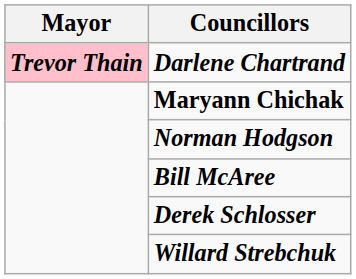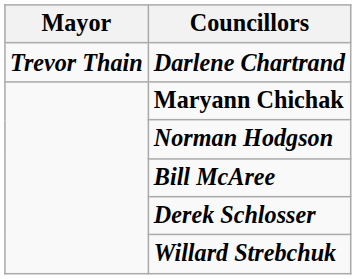 <table class="wikitable collapsible collapsed" align="right">
 <tr>
 <th>Mayor</th>
 <th colspan=3>Councillors</th>
 </tr>
 <tr>
-<td style="background: pink;"><strong><em>Trevor Thain</em></strong></td>
+<td><strong><em>Trevor Thain</em></strong></td>
 <td><strong><em>Darlene Chartrand</em></strong></td>
 </tr>
 <tr>
 <td rowspan=5></td>
 <td><strong>Maryann Chichak</strong></td>
 </tr>
 <tr>
 <td><strong><em>Norman Hodgson</em></strong></td>
 </tr>
 <tr>
 <td><strong><em>Bill McAree</em></strong></td>
 </tr>
 <tr>
 <td><strong><em>Derek Schlosser</em></strong></td>
 </tr>
 <tr>
 <td><strong><em>Willard Strebchuk</em></strong></td>
 </tr>
 </table>
